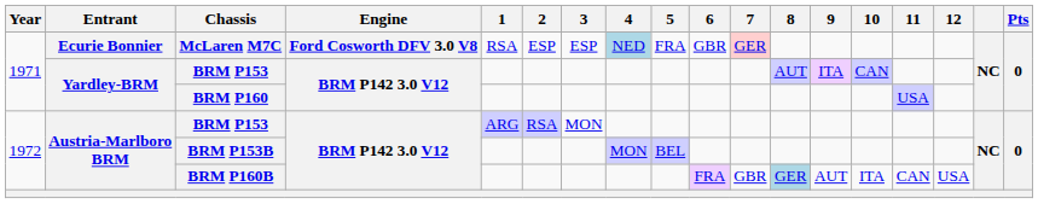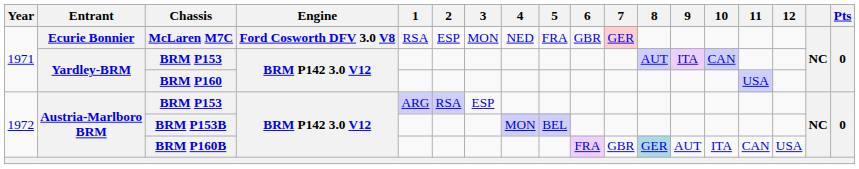 <table class="wikitable" style="text-align:center; font-size:90%">
 <tr>
 <th>Year</th>
 <th>Entrant</th>
 <th>Chassis</th>
 <th>Engine</th>
 <th>1</th>
 <th>2</th>
 <th>3</th>
 <th>4</th>
 <th>5</th>
 <th>6</th>
 <th>7</th>
 <th>8</th>
 <th>9</th>
 <th>10</th>
 <th>11</th>
 <th>12</th>
 <th></th>
 <th><a href='#'>Pts</a></th>
 </tr>
 <tr>
 <td rowspan=3><a href='#'>1971</a></td>
 <th><a href='#'>Ecurie Bonnier</a></th>
 <th><a href='#'>McLaren</a> <a href='#'>M7C</a></th>
 <th><a href='#'>Ford Cosworth DFV</a> 3.0 <a href='#'>V8</a></th>
 <td><a href='#'>RSA</a></td>
 <td><a href='#'>ESP</a></td>
-<td><a href='#'>ESP</a></td>
-<td style="background: lightblue;"><a href='#'>NED</a></td>
+<td><a href='#'>MON</a></td>
+<td><a href='#'>NED</a></td>
 <td><a href='#'>FRA</a></td>
 <td><a href='#'>GBR</a></td>
 <td style="background-color:#FFCFCF"><a href='#'>GER</a><br></td>
 <td></td>
 <td></td>
 <td></td>
 <td></td>
 <td></td>
 <th rowspan=3>NC</th>
 <th rowspan=3>0</th>
 </tr>
 <tr>
 <th rowspan=2><a href='#'>Yardley-BRM</a></th>
 <th><a href='#'>BRM</a> <a href='#'>P153</a></th>
 <th rowspan=2><a href='#'>BRM</a> P142 3.0 <a href='#'>V12</a></th>
 <td></td>
 <td></td>
 <td></td>
 <td></td>
 <td></td>
 <td></td>
 <td></td>
 <td style="background:#CFCFFF;"><a href='#'>AUT</a><br></td>
 <td style="background:#EFCFFF;"><a href='#'>ITA</a><br></td>
 <td style="background:#CFCFFF;"><a href='#'>CAN</a><br></td>
 <td></td>
 <td></td>
 </tr>
 <tr>
 <th><a href='#'>BRM</a> <a href='#'>P160</a></th>
 <td></td>
 <td></td>
 <td></td>
 <td></td>
 <td></td>
 <td></td>
 <td></td>
 <td></td>
 <td></td>
 <td></td>
 <td style="background:#CFCFFF;"><a href='#'>USA</a><br></td>
 <td></td>
 </tr>
 <tr>
 <td rowspan=3><a href='#'>1972</a></td>
 <th rowspan=3><a href='#'>Austria-Marlboro<br>BRM</a></th>
 <th><a href='#'>BRM</a> <a href='#'>P153</a></th>
 <th rowspan=3><a href='#'>BRM</a> P142 3.0 <a href='#'>V12</a></th>
 <td style="background:#CFCFFF;"><a href='#'>ARG</a><br></td>
 <td style="background:#CFCFFF;"><a href='#'>RSA</a><br></td>
-<td><a href='#'>MON</a></td>
+<td><a href='#'>ESP</a></td>
 <td></td>
 <td></td>
 <td></td>
 <td></td>
 <td></td>
 <td></td>
 <td></td>
 <td></td>
 <td></td>
 <th rowspan=3>NC</th>
 <th rowspan=3>0</th>
 </tr>
 <tr>
 <th><a href='#'>BRM</a> <a href='#'>P153B</a></th>
 <td></td>
 <td></td>
 <td></td>
 <td style="background:#CFCFFF;"><a href='#'>MON</a><br></td>
 <td style="background:#CFCFFF;"><a href='#'>BEL</a><br></td>
 <td></td>
 <td></td>
 <td></td>
 <td></td>
 <td></td>
 <td></td>
 <td></td>
 </tr>
 <tr>
 <th><a href='#'>BRM</a> <a href='#'>P160B</a></th>
 <td></td>
 <td></td>
 <td></td>
 <td></td>
 <td></td>
 <td style="background:#EFCFFF;"><a href='#'>FRA</a><br></td>
 <td><a href='#'>GBR</a></td>
 <td style="background: lightblue;"><a href='#'>GER</a></td>
 <td><a href='#'>AUT</a></td>
 <td><a href='#'>ITA</a></td>
 <td><a href='#'>CAN</a></td>
 <td><a href='#'>USA</a></td>
 </tr>
 <tr>
 <th colspan="18"></th>
 </tr>
 </table>
